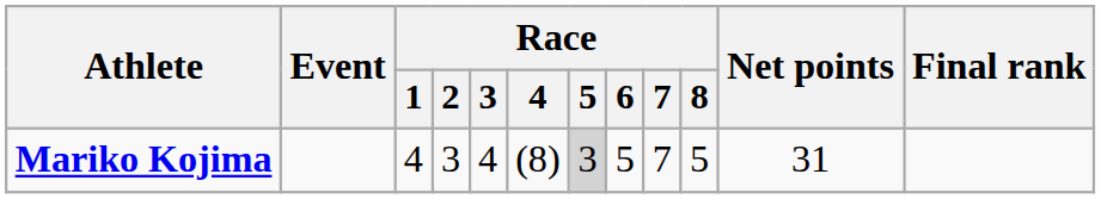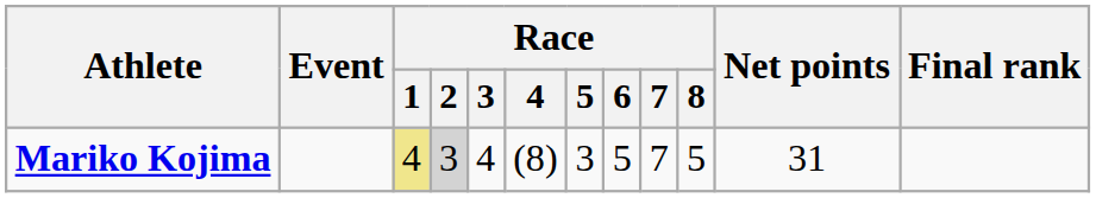 <table class="wikitable" style="font-size:90%">
 <tr>
 <th rowspan="2">Athlete</th>
 <th rowspan="2">Event</th>
 <th colspan=8>Race</th>
 <th rowspan=2>Net points</th>
 <th rowspan=2>Final rank</th>
 </tr>
 <tr style="font-size:95%">
 <th>1</th>
 <th>2</th>
 <th>3</th>
 <th>4</th>
 <th>5</th>
 <th>6</th>
 <th>7</th>
 <th>8</th>
 </tr>
 <tr align=center>
 <td align=left><strong><a href='#'>Mariko Kojima</a></strong></td>
 <td align=left></td>
-<td>4</td>
-<td>3</td>
+<td style="background: khaki;">4</td>
+<td style="background: lightgrey;">3</td>
 <td>4</td>
 <td>(8)</td>
-<td style="background: lightgrey;">3</td>
+<td>3</td>
 <td>5</td>
 <td>7</td>
 <td>5</td>
 <td>31</td>
 <td></td>
 </tr>
 </table>
